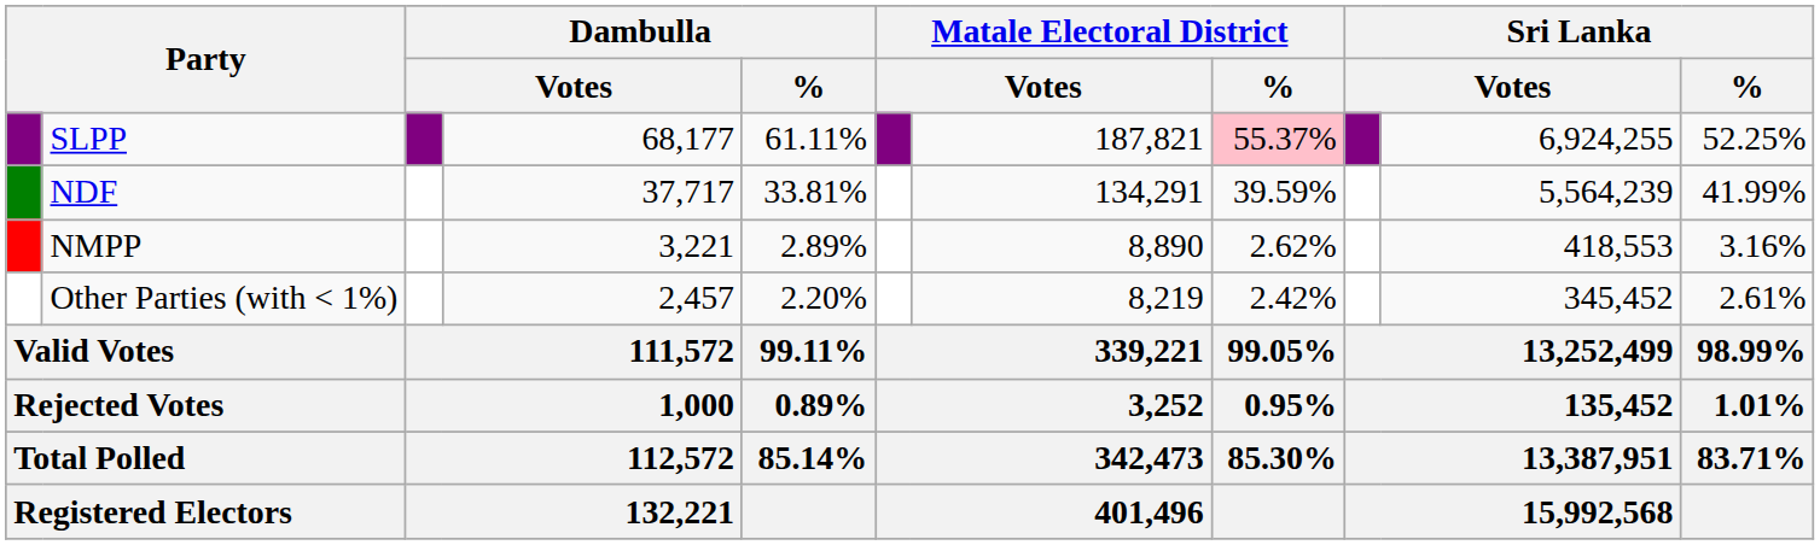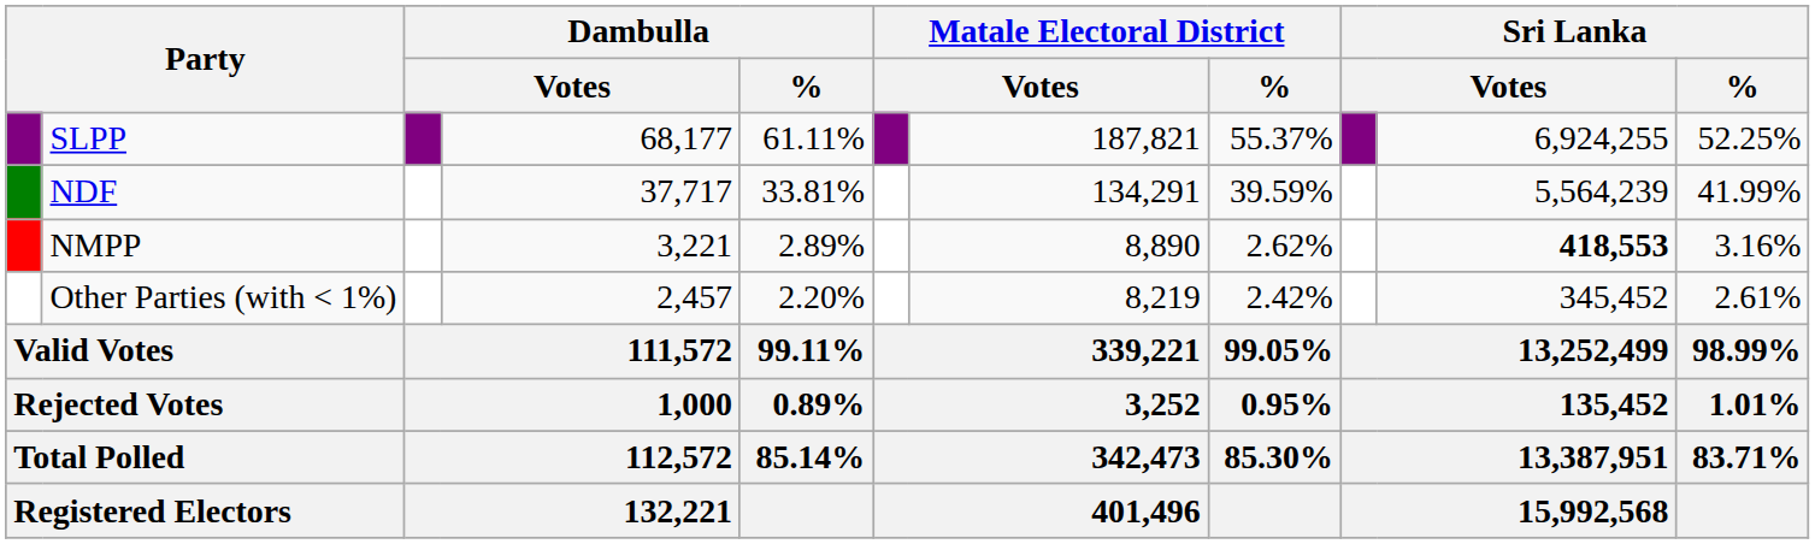 <table class="wikitable">
 <tr>
 <th colspan="2" width="144px"rowspan="2">Party</th>
 <th colspan="3" width="216px">Dambulla</th>
 <th colspan="3" width="216px"><a href='#'>Matale Electoral District</a></th>
 <th colspan="3" width="216px">Sri Lanka</th>
 </tr>
 <tr>
 <th colspan="2" width="144px">Votes</th>
 <th>%</th>
 <th colspan="2" width="144px">Votes</th>
 <th>%</th>
 <th colspan="2" width="144px">Votes</th>
 <th>%</th>
 </tr>
 <tr>
 <td style="background-color:purple;" width="10px"></td>
 <td style="text-align:left;"><a href='#'>SLPP</a></td>
 <td style="background-color:purple;" width="10px"></td>
 <td style="text-align:right;">68,177</td>
 <td style="text-align:right;">61.11%</td>
 <td style="background-color:purple;" width="10px"></td>
 <td style="text-align:right;">187,821</td>
-<td style="background: pink; text-align:right;">55.37%</td>
+<td style="text-align:right;">55.37%</td>
 <td style="background-color:purple;" width="10px"></td>
 <td style="text-align:right;">6,924,255</td>
 <td style="text-align:right;">52.25%</td>
 </tr>
 <tr>
 <td style="background-color:green;" width="10px"></td>
 <td style="text-align:left;"><a href='#'>NDF</a></td>
 <td style="background-color:white;" width="10px"></td>
 <td style="text-align:right;">37,717</td>
 <td style="text-align:right;">33.81%</td>
 <td style="background-color:white;" width="10px"></td>
 <td style="text-align:right;">134,291</td>
 <td style="text-align:right;">39.59%</td>
 <td style="background-color:white;" width="10px"></td>
 <td style="text-align:right;">5,564,239</td>
 <td style="text-align:right;">41.99%</td>
 </tr>
 <tr>
 <td style="background-color:red;" width="10px"></td>
 <td style="text-align:left;">NMPP</td>
 <td style="background-color:white;" width="10px"></td>
 <td style="text-align:right;">3,221</td>
 <td style="text-align:right;">2.89%</td>
 <td style="background-color:white;" width="10px"></td>
 <td style="text-align:right;">8,890</td>
 <td style="text-align:right;">2.62%</td>
 <td style="background-color:white;" width="10px"></td>
-<td style="text-align:right;">418,553</td>
+<td style="text-align:right;"><strong>418,553</strong></td>
 <td style="text-align:right;">3.16%</td>
 </tr>
 <tr>
 <td style="background-color:white;" width="10px"></td>
 <td style="text-align:left;">Other Parties (with < 1%)</td>
 <td style="background-color:white;" width="10px"></td>
 <td style="text-align:right;">2,457</td>
 <td style="text-align:right;">2.20%</td>
 <td style="background-color:white;" width="10px"></td>
 <td style="text-align:right;">8,219</td>
 <td style="text-align:right;">2.42%</td>
 <td style="background-color:white;" width="10px"></td>
 <td style="text-align:right;">345,452</td>
 <td style="text-align:right;">2.61%</td>
 </tr>
 <tr>
 <th colspan="2" width="144px"style="text-align:left;">Valid Votes</th>
 <th style="text-align:right;"colspan="2" width="144px">111,572</th>
 <th style="text-align:right;">99.11%</th>
 <th style="text-align:right;"colspan="2" width="144px">339,221</th>
 <th style="text-align:right;">99.05%</th>
 <th style="text-align:right;"colspan="2" width="144px">13,252,499</th>
 <th style="text-align:right;">98.99%</th>
 </tr>
 <tr>
 <th colspan="2" width="144px"style="text-align:left;">Rejected Votes</th>
 <th style="text-align:right;"colspan="2" width="144px">1,000</th>
 <th style="text-align:right;">0.89%</th>
 <th style="text-align:right;"colspan="2" width="144px">3,252</th>
 <th style="text-align:right;">0.95%</th>
 <th style="text-align:right;"colspan="2" width="144px">135,452</th>
 <th style="text-align:right;">1.01%</th>
 </tr>
 <tr>
 <th colspan="2" width="144px"style="text-align:left;">Total Polled</th>
 <th style="text-align:right;"colspan="2" width="144px">112,572</th>
 <th style="text-align:right;">85.14%</th>
 <th style="text-align:right;"colspan="2" width="144px">342,473</th>
 <th style="text-align:right;">85.30%</th>
 <th style="text-align:right;"colspan="2" width="144px">13,387,951</th>
 <th style="text-align:right;">83.71%</th>
 </tr>
 <tr>
 <th colspan="2" width="144px"style="text-align:left;">Registered Electors</th>
 <th style="text-align:right;"colspan="2" width="144px">132,221</th>
 <th></th>
 <th style="text-align:right;"colspan="2" width="144px">401,496</th>
 <th></th>
 <th style="text-align:right;"colspan="2" width="144px">15,992,568</th>
 <th></th>
 </tr>
 </table>
